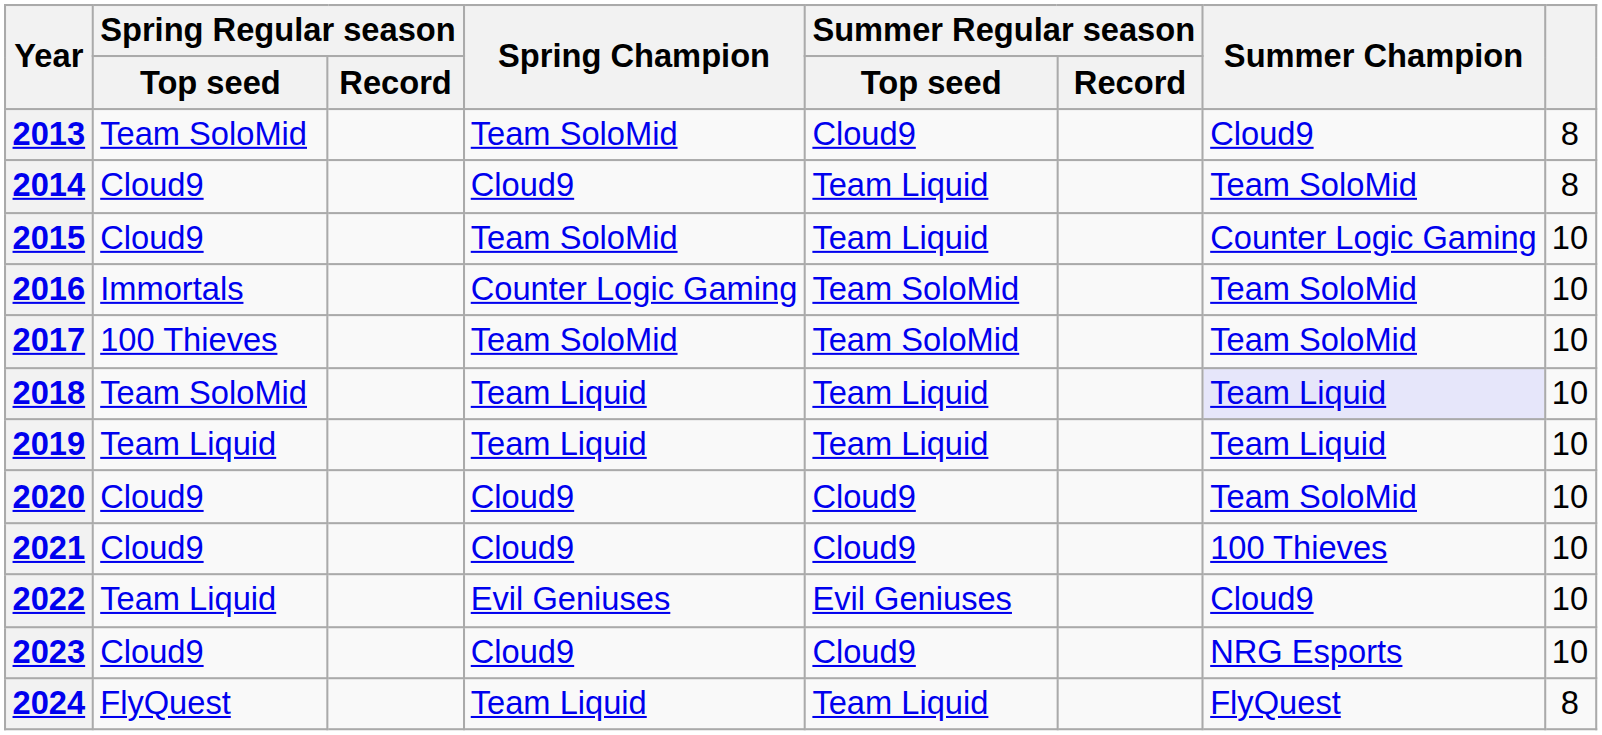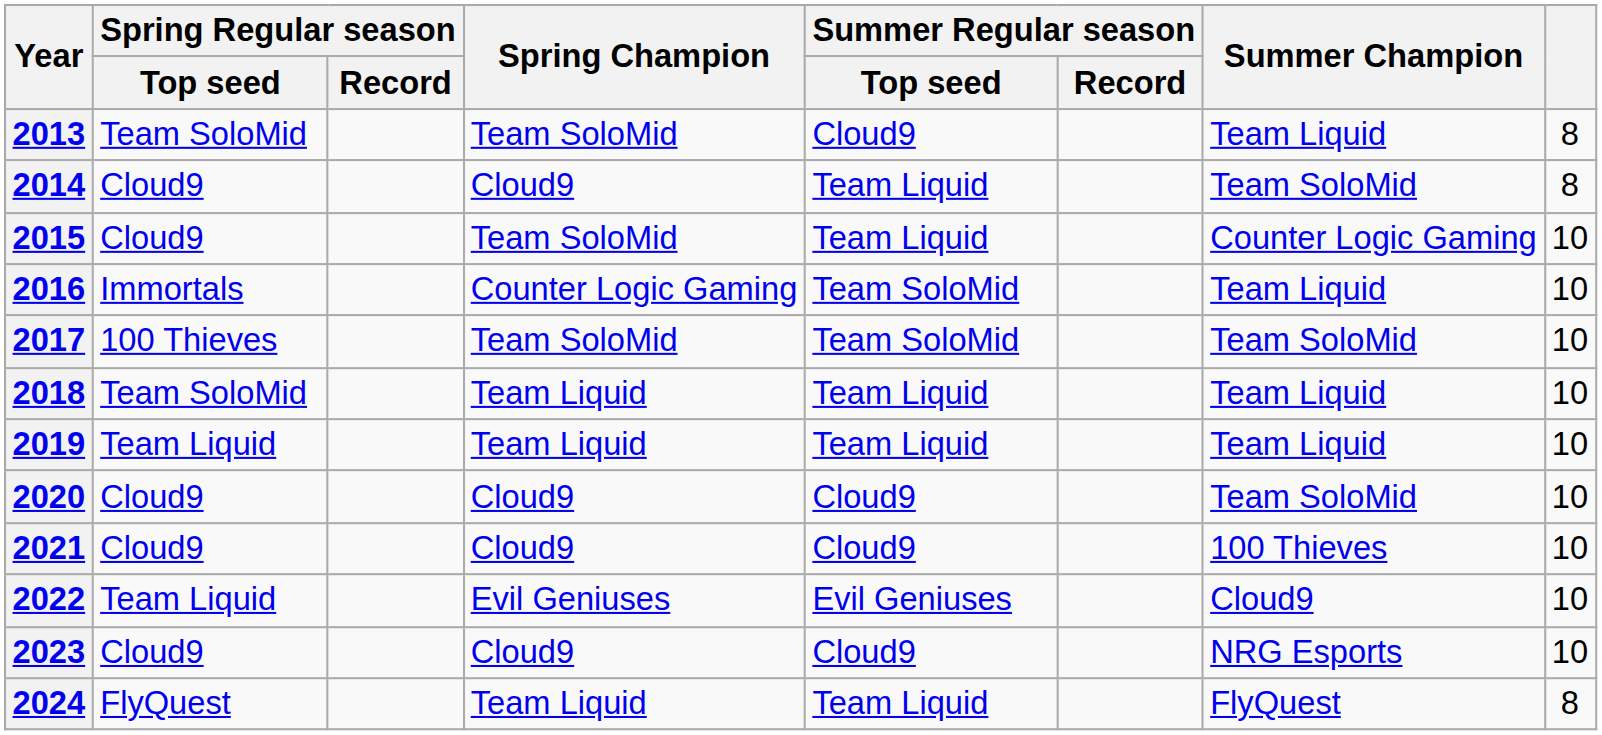 <table class="wikitable sortable">
 <tr>
 <th rowspan="2">Year</th>
 <th colspan="2">Spring Regular season</th>
 <th rowspan="2">Spring Champion</th>
 <th colspan="2">Summer Regular season</th>
 <th rowspan="2">Summer Champion</th>
 <th rowspan="2"></th>
 </tr>
 <tr>
 <th>Top seed</th>
 <th>Record</th>
 <th>Top seed</th>
 <th>Record</th>
 </tr>
 <tr>
 <th scope="row"><a href='#'>2013</a></th>
 <td><a href='#'>Team SoloMid</a></td>
 <td> </td>
 <td><a href='#'>Team SoloMid</a></td>
 <td><a href='#'>Cloud9</a></td>
 <td> </td>
-<td><a href='#'>Cloud9</a></td>
+<td><a href='#'>Team Liquid</a></td>
 <td style="text-align:center">8</td>
 </tr>
 <tr>
 <th scope="row"><a href='#'>2014</a></th>
 <td><a href='#'>Cloud9</a></td>
 <td> </td>
 <td><a href='#'>Cloud9</a></td>
 <td><a href='#'>Team Liquid</a></td>
 <td> </td>
 <td><a href='#'>Team SoloMid</a></td>
 <td style="text-align:center">8</td>
 </tr>
 <tr>
 <th scope="row"><a href='#'>2015</a></th>
 <td><a href='#'>Cloud9</a></td>
 <td> </td>
 <td><a href='#'>Team SoloMid</a></td>
 <td><a href='#'>Team Liquid</a></td>
 <td> </td>
 <td><a href='#'>Counter Logic Gaming</a></td>
 <td style="text-align:center">10</td>
 </tr>
 <tr>
 <th scope="row"><a href='#'>2016</a></th>
 <td><a href='#'>Immortals</a></td>
 <td> </td>
 <td><a href='#'>Counter Logic Gaming</a></td>
 <td><a href='#'>Team SoloMid</a></td>
 <td> </td>
-<td><a href='#'>Team SoloMid</a></td>
+<td><a href='#'>Team Liquid</a></td>
 <td style="text-align:center">10</td>
 </tr>
 <tr>
 <th scope="row"><a href='#'>2017</a></th>
 <td><a href='#'>100 Thieves</a></td>
 <td> </td>
 <td><a href='#'>Team SoloMid</a></td>
 <td><a href='#'>Team SoloMid</a></td>
 <td> </td>
 <td><a href='#'>Team SoloMid</a></td>
 <td style="text-align:center">10</td>
 </tr>
 <tr>
 <th scope="row"><a href='#'>2018</a></th>
 <td><a href='#'>Team SoloMid</a></td>
 <td> </td>
 <td><a href='#'>Team Liquid</a></td>
 <td><a href='#'>Team Liquid</a></td>
 <td> </td>
-<td style="background: lavender;"><a href='#'>Team Liquid</a></td>
+<td><a href='#'>Team Liquid</a></td>
 <td style="text-align:center">10</td>
 </tr>
 <tr>
 <th scope="row"><a href='#'>2019</a></th>
 <td><a href='#'>Team Liquid</a></td>
 <td> </td>
 <td><a href='#'>Team Liquid</a></td>
 <td><a href='#'>Team Liquid</a></td>
 <td> </td>
 <td><a href='#'>Team Liquid</a></td>
 <td style="text-align:center">10</td>
 </tr>
 <tr>
 <th scope="row"><a href='#'>2020</a></th>
 <td><a href='#'>Cloud9</a></td>
 <td> </td>
 <td><a href='#'>Cloud9</a></td>
 <td><a href='#'>Cloud9</a></td>
 <td> </td>
 <td><a href='#'>Team SoloMid</a></td>
 <td style="text-align:center">10</td>
 </tr>
 <tr>
 <th scope="row"><a href='#'>2021</a></th>
 <td><a href='#'>Cloud9</a></td>
 <td> </td>
 <td><a href='#'>Cloud9</a></td>
 <td><a href='#'>Cloud9</a></td>
 <td> </td>
 <td><a href='#'>100 Thieves</a></td>
 <td style="text-align:center">10</td>
 </tr>
 <tr>
 <th scope="row"><a href='#'>2022</a></th>
 <td><a href='#'>Team Liquid</a></td>
 <td> </td>
 <td><a href='#'>Evil Geniuses</a></td>
 <td><a href='#'>Evil Geniuses</a></td>
 <td> </td>
 <td><a href='#'>Cloud9</a></td>
 <td style="text-align:center">10</td>
 </tr>
 <tr>
 <th scope="row"><a href='#'>2023</a></th>
 <td><a href='#'>Cloud9</a></td>
 <td> </td>
 <td><a href='#'>Cloud9</a></td>
 <td><a href='#'>Cloud9</a></td>
 <td> </td>
 <td><a href='#'>NRG Esports</a></td>
 <td style="text-align:center">10</td>
 </tr>
 <tr>
 <th scope="row"><a href='#'>2024</a></th>
 <td><a href='#'>FlyQuest</a></td>
 <td> </td>
 <td><a href='#'>Team Liquid</a></td>
 <td><a href='#'>Team Liquid</a></td>
 <td> </td>
 <td><a href='#'>FlyQuest</a></td>
 <td style="text-align:center">8</td>
 </tr>
 </table>
